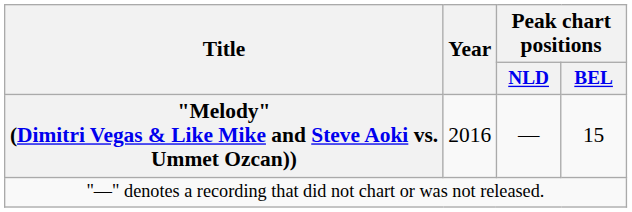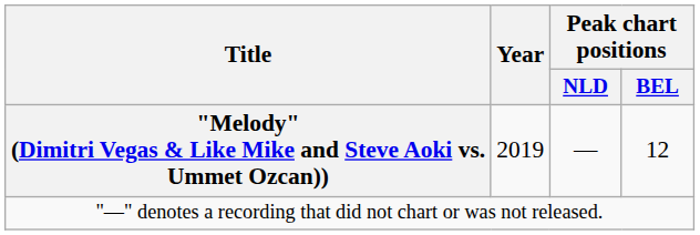 <table class="wikitable plainrowheaders" style="text-align:center;">
 <tr>
 <th rowspan="2" scope="col" style="width:20em;">Title</th>
 <th rowspan="2" scope="col" style="width:1em;">Year</th>
 <th colspan="2" scope="col">Peak chart positions</th>
 </tr>
 <tr>
 <th scope="col" style="width:2.9em;font-size:90%;"><a href='#'>NLD</a><br></th>
 <th scope="col" style="width:2.9em;font-size:90%;"><a href='#'>BEL</a><br></th>
 </tr>
 <tr>
 <th scope="row">"Melody"<br><span>(<a href='#'>Dimitri Vegas & Like Mike</a> and <a href='#'>Steve Aoki</a> vs. Ummet Ozcan))</span></th>
-<td>2016</td>
+<td>2019</td>
 <td>—</td>
-<td>15</td>
+<td>12</td>
 </tr>
 <tr>
 <td colspan="4" style="font-size:85%">"—" denotes a recording that did not chart or was not released.</td>
 </tr>
 </table>
